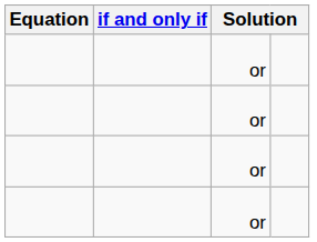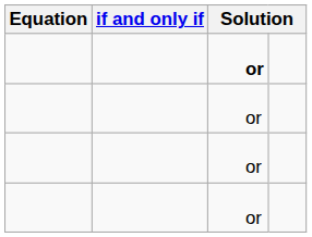 <table class="wikitable" style="border: none;">
 <tr>
 <th>Equation</th>
 <th><a href='#'>if and only if</a></th>
 <th colspan="7">Solution</th>
 </tr>
 <tr>
 <td style="text-align: center; padding: 0.5% 2em 0.5% 2em;"></td>
 <td style="text-align: center;"><a href='#'></a></td>
-<td style='border-style: solid none solid none; text-align: left; padding-left: 2em;'> <br>or <br></td>
+<td style='border-style: solid none solid none; text-align: left; padding-left: 2em;'><strong> <br>or <br></strong></td>
 <td style="text-align: center; padding-left: 1em; padding-right: 1em;"><br></td>
 </tr>
 <tr>
 <td style="text-align: center; padding: 0.5% 2em 0.5% 2em;"></td>
 <td style="text-align: center;"></td>
 <td style='border-style: solid none solid none; text-align: left; padding-left: 2em;'> <br>or <br></td>
 <td style="text-align: center; padding-left: 1em; padding-right: 1em;"><br></td>
 </tr>
 <tr>
 <td style="text-align: center; padding: 0.5% 2em 0.5% 2em;"></td>
 <td style="text-align: center;"></td>
 <td style='border-style: solid none solid none; text-align: left; padding-left: 2em;'> <br>or <br></td>
 <td style="text-align: center; padding-left: 1em; padding-right: 1em;"><br></td>
 </tr>
 <tr>
 <td style="text-align: center; padding: 0.5% 2em 0.5% 2em;"></td>
 <td style="text-align: center;"></td>
 <td style='border-style: solid none solid none; text-align: left; padding-left: 2em;'> <br>or <br></td>
 <td style="text-align: center; padding-left: 1em; padding-right: 1em;"><br></td>
 </tr>
 </table>
